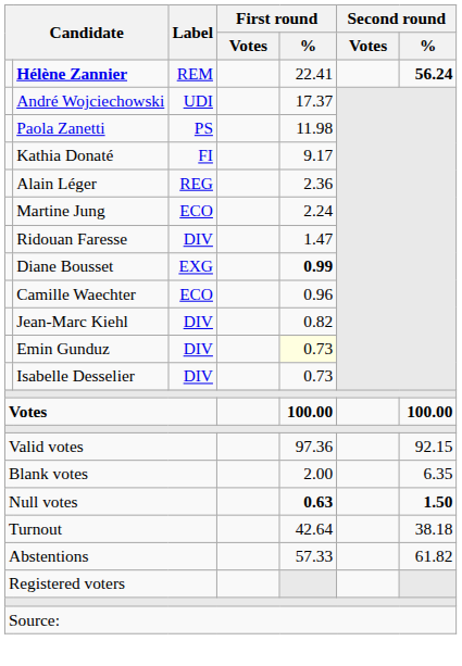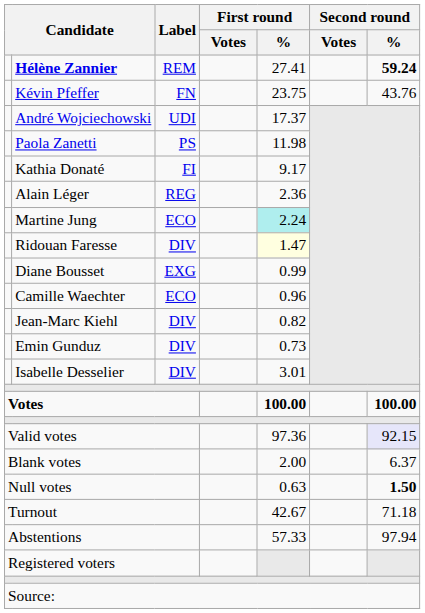 <table class="wikitable" style="text-align:right;font-size:95%;">
 <tr>
 <th colspan="2" rowspan="2">Candidate</th>
 <th rowspan="2">Label</th>
 <th colspan="2">First round</th>
 <th colspan="2">Second round</th>
 </tr>
 <tr>
 <th style="width:50px;">Votes</th>
 <th style="width:45px;">%</th>
 <th style="width:50px;">Votes</th>
 <th style="width:45px;">%</th>
 </tr>
 <tr>
 <td style="color:inherit;background:"></td>
 <td style="text-align:left;"><strong><a href='#'>Hélène Zannier</a></strong></td>
 <td><a href='#'>REM</a></td>
 <td></td>
-<td>22.41</td>
+<td>27.41</td>
 <td><strong></strong></td>
-<td><strong>56.24</strong></td>
+<td><strong>59.24</strong></td>
+</tr>
+<tr>
+<td style="color:inherit;background:"></td>
+<td style="text-align:left;"><a href='#'>Kévin Pfeffer</a></td>
+<td><a href='#'>FN</a></td>
+<td></td>
+<td>23.75</td>
+<td></td>
+<td>43.76</td>
 </tr>
 <tr>
 <td style="color:inherit;background:"></td>
 <td style="text-align:left;"><a href='#'>André Wojciechowski</a></td>
 <td><a href='#'>UDI</a></td>
 <td></td>
 <td>17.37</td>
 <td colspan="2" rowspan="11" style="background:#E9E9E9;"></td>
 </tr>
 <tr>
 <td style="color:inherit;background:"></td>
 <td style="text-align:left;"><a href='#'>Paola Zanetti</a></td>
 <td><a href='#'>PS</a></td>
 <td></td>
 <td>11.98</td>
 </tr>
 <tr>
 <td style="color:inherit;background:"></td>
 <td style="text-align:left;">Kathia Donaté</td>
 <td><a href='#'>FI</a></td>
 <td></td>
 <td>9.17</td>
 </tr>
 <tr>
 <td style="color:inherit;background:"></td>
 <td style="text-align:left;">Alain Léger</td>
 <td><a href='#'>REG</a></td>
 <td></td>
 <td>2.36</td>
 </tr>
 <tr>
 <td style="color:inherit;background:"></td>
 <td style="text-align:left;">Martine Jung</td>
 <td><a href='#'>ECO</a></td>
 <td></td>
-<td>2.24</td>
+<td style="background: paleturquoise;">2.24</td>
 </tr>
 <tr>
 <td style="color:inherit;background:"></td>
 <td style="text-align:left;">Ridouan Faresse</td>
 <td><a href='#'>DIV</a></td>
 <td></td>
-<td>1.47</td>
+<td style="background: lightyellow;">1.47</td>
 </tr>
 <tr>
 <td style="color:inherit;background:"></td>
 <td style="text-align:left;">Diane Bousset</td>
 <td><a href='#'>EXG</a></td>
 <td></td>
-<td><strong>0.99</strong></td>
+<td>0.99</td>
 </tr>
 <tr>
 <td style="color:inherit;background:"></td>
 <td style="text-align:left;">Camille Waechter</td>
 <td><a href='#'>ECO</a></td>
 <td></td>
 <td>0.96</td>
 </tr>
 <tr>
 <td style="color:inherit;background:"></td>
 <td style="text-align:left;">Jean-Marc Kiehl</td>
 <td><a href='#'>DIV</a></td>
 <td></td>
 <td>0.82</td>
 </tr>
 <tr>
 <td style="color:inherit;background:"></td>
 <td style="text-align:left;">Emin Gunduz</td>
 <td><a href='#'>DIV</a></td>
 <td></td>
-<td style="background: lightyellow;">0.73</td>
+<td>0.73</td>
 </tr>
 <tr>
 <td style="color:inherit;background:"></td>
 <td style="text-align:left;">Isabelle Desselier</td>
 <td><a href='#'>DIV</a></td>
 <td></td>
-<td>0.73</td>
+<td>3.01</td>
 </tr>
 <tr>
 <td colspan="7" style="background:#E9E9E9;"></td>
 </tr>
 <tr style="font-weight:bold;">
 <td colspan="3" style="text-align:left;">Votes</td>
 <td></td>
 <td>100.00</td>
 <td></td>
 <td>100.00</td>
 </tr>
 <tr>
 <td colspan="7" style="background:#E9E9E9;"></td>
 </tr>
 <tr>
 <td colspan="3" style="text-align:left;">Valid votes</td>
 <td></td>
 <td>97.36</td>
 <td></td>
-<td>92.15</td>
+<td style="background: lavender;">92.15</td>
 </tr>
 <tr>
 <td colspan="3" style="text-align:left;">Blank votes</td>
 <td></td>
 <td>2.00</td>
 <td></td>
-<td>6.35</td>
+<td>6.37</td>
 </tr>
 <tr>
 <td colspan="3" style="text-align:left;">Null votes</td>
 <td></td>
-<td><strong>0.63</strong></td>
+<td>0.63</td>
 <td></td>
 <td><strong>1.50</strong></td>
 </tr>
 <tr>
 <td colspan="3" style="text-align:left;">Turnout</td>
 <td></td>
-<td>42.64</td>
+<td>42.67</td>
 <td></td>
-<td>38.18</td>
+<td>71.18</td>
 </tr>
 <tr>
 <td colspan="3" style="text-align:left;">Abstentions</td>
 <td></td>
 <td>57.33</td>
 <td></td>
-<td>61.82</td>
+<td>97.94</td>
 </tr>
 <tr>
 <td colspan="3" style="text-align:left;">Registered voters</td>
 <td></td>
 <td style="background:#E9E9E9;"></td>
 <td></td>
 <td style="background:#E9E9E9;"></td>
 </tr>
 <tr>
 <td colspan="7" style="background:#E9E9E9;"></td>
 </tr>
 <tr>
 <td colspan="7" style="text-align:left;">Source: </td>
 </tr>
 </table>
